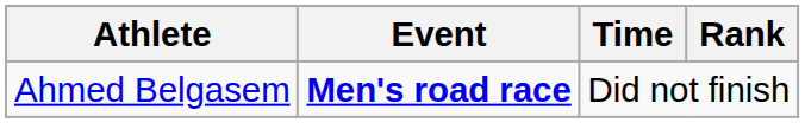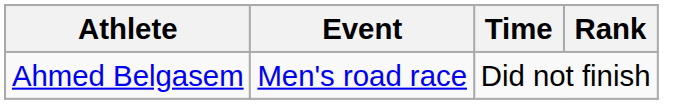 <table class=wikitable style="font-size:90%">
 <tr>
 <th>Athlete</th>
 <th>Event</th>
 <th>Time</th>
 <th>Rank</th>
 </tr>
 <tr align=center>
 <td align=left><a href='#'>Ahmed Belgasem</a></td>
-<td align=left><strong><a href='#'>Men's road race</a></strong></td>
+<td align=left><a href='#'>Men's road race</a></td>
 <td colspan="2">Did not finish</td>
 </tr>
 </table>
